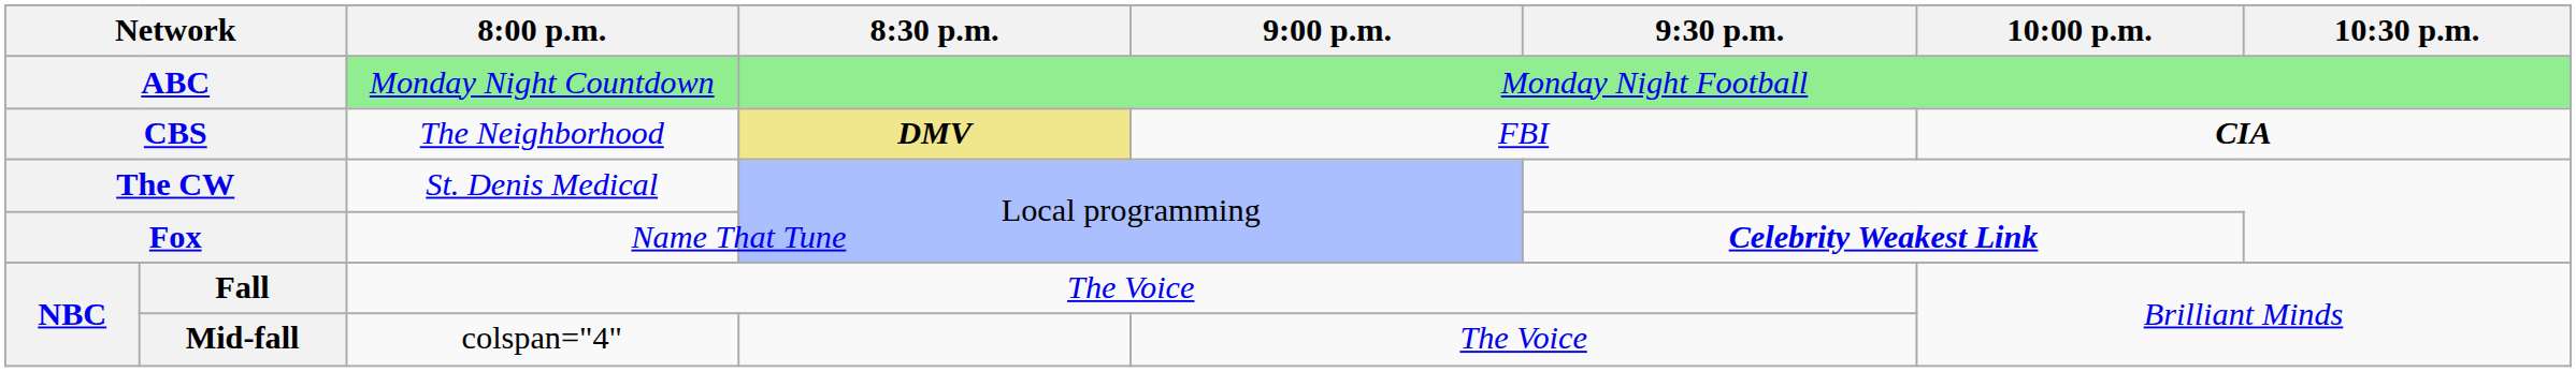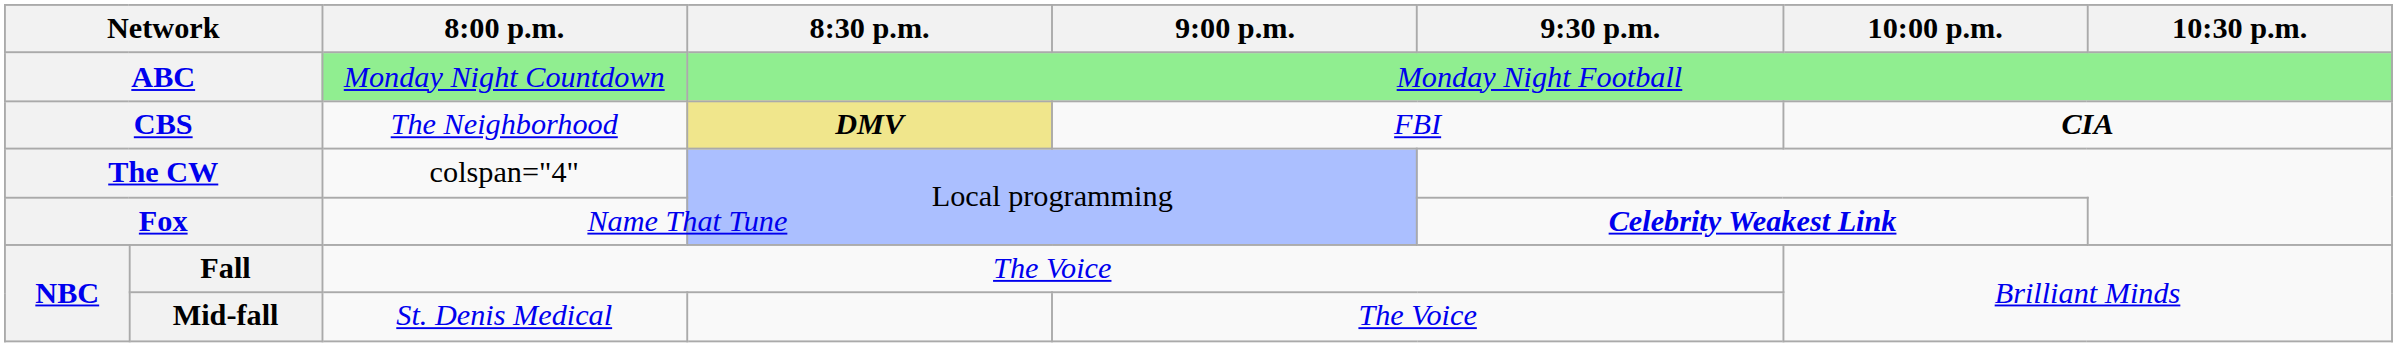 <table class="wikitable" style="width:100%;margin-right:0;text-align:center">
 <tr>
 <th colspan="2" style="width:13%;">Network</th>
 <th style="width:15%;">8:00 p.m.</th>
 <th style="width:15%;">8:30 p.m.</th>
 <th style="width:15%;">9:00 p.m.</th>
 <th style="width:15%;">9:30 p.m.</th>
 <th style="width:12.5%;">10:00 p.m.</th>
 <th style="width:12.5%;">10:30 p.m.</th>
 </tr>
 <tr>
 <th colspan="2"><a href='#'>ABC</a></th>
 <td style="background:lightgreen;"><em><a href='#'>Monday Night Countdown</a></em>  </td>
 <td colspan="5" style="background:lightgreen;"><em><a href='#'>Monday Night Football</a></em>  </td>
 </tr>
 <tr>
 <th colspan="2"><a href='#'>CBS</a></th>
 <td><em><a href='#'>The Neighborhood</a></em></td>
 <td style="background: khaki;"><strong><em>DMV</em></strong></td>
 <td colspan="2"><em><a href='#'>FBI</a></em></td>
 <td colspan="2"><strong><em>CIA</em></strong></td>
 </tr>
 <tr>
 <th colspan="2"><a href='#'>The CW</a></th>
-<td><em><a href='#'>St. Denis Medical</a></em></td>
+<td>colspan="4" </td>
 <td rowspan="2" colspan="2" style="background:#abbfff;">Local programming</td>
 </tr>
 <tr>
 <th colspan="2"><a href='#'>Fox</a></th>
 <td colspan="2"><em><a href='#'>Name That Tune</a></em></td>
 <td colspan ="2"><strong><em><a href='#'>Celebrity Weakest Link</a></em></strong></td>
 </tr>
 <tr>
 <th rowspan="2"><a href='#'>NBC</a></th>
 <th>Fall</th>
 <td colspan="4"><em><a href='#'>The Voice</a></em></td>
 <td rowspan="2" colspan="2"><em><a href='#'>Brilliant Minds</a></em></td>
 </tr>
 <tr>
 <th>Mid-fall</th>
-<td>colspan="4" </td>
+<td><em><a href='#'>St. Denis Medical</a></em></td>
 <td></td>
 <td colspan="2"><em><a href='#'>The Voice</a></em></td>
 </tr>
 </table>
